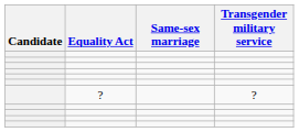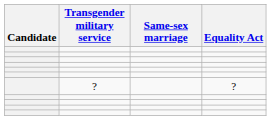 <table class="wikitable sortable" style=margin:auto;table-layout:fixed;text-align:center>
 <tr valign=bottom>
 <th>Candidate</th>
+<th style=max-width:6em><a href='#'>Transgender military service</a></th>
+<th style=max-width:6em><a href='#'>Same-sex marriage</a></th>
 <th style=max-width:6em><a href='#'>Equality Act</a></th>
-<th style=max-width:6em><a href='#'>Same-sex marriage</a></th>
-<th style=max-width:6em><a href='#'>Transgender military service</a></th>
 </tr>
 <tr>
 <th></th>
 <td></td>
 <td></td>
 <td></td>
 </tr>
 <tr>
 <th></th>
 <td></td>
 <td></td>
 <td></td>
 </tr>
 <tr>
 <th></th>
 <td></td>
 <td></td>
 <td></td>
 </tr>
 <tr>
 <th></th>
 <td></td>
 <td></td>
 <td></td>
 </tr>
 <tr>
 <th></th>
 <td></td>
 <td></td>
 <td></td>
 </tr>
 <tr>
 <th></th>
 <td></td>
 <td></td>
 <td></td>
 </tr>
 <tr>
 <th></th>
 <td>?</td>
 <td></td>
 <td>?</td>
 </tr>
 <tr>
 <th></th>
 <td></td>
 <td></td>
 <td></td>
 </tr>
 <tr>
 <th></th>
 <td></td>
 <td></td>
 <td></td>
 </tr>
 <tr>
 <th></th>
 <td></td>
 <td></td>
 <td></td>
 </tr>
 <tr>
 <th></th>
 <td></td>
 <td></td>
 <td></td>
 </tr>
 </table>
